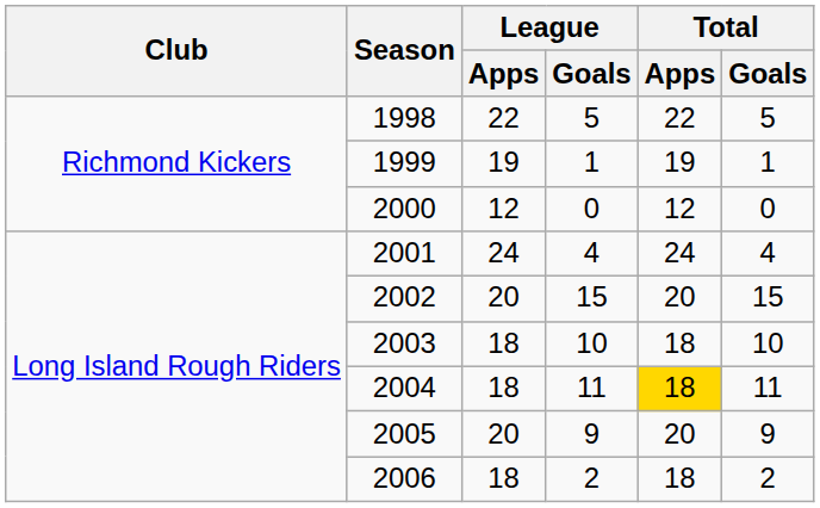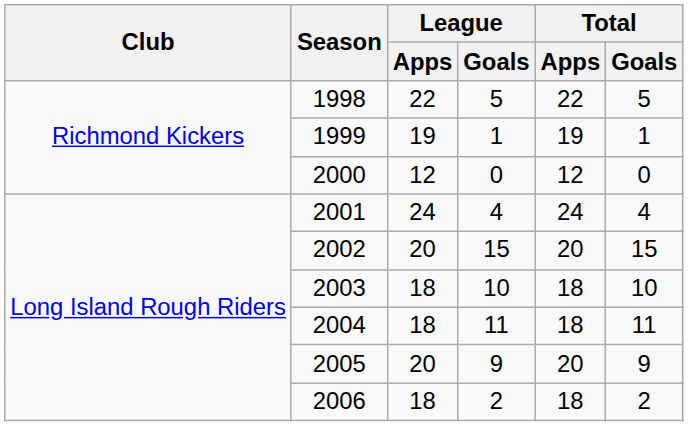 <table class="wikitable" style="text-align:center;">
 <tr>
 <th rowspan="2">Club</th>
 <th rowspan="2">Season</th>
 <th colspan="2">League</th>
 <th colspan="2">Total</th>
 </tr>
 <tr>
 <th>Apps</th>
 <th>Goals</th>
 <th>Apps</th>
 <th>Goals</th>
 </tr>
 <tr>
 <td rowspan="3"><a href='#'>Richmond Kickers</a></td>
 <td>1998</td>
 <td>22</td>
 <td>5</td>
 <td>22</td>
 <td>5</td>
 </tr>
 <tr>
 <td>1999</td>
 <td>19</td>
 <td>1</td>
 <td>19</td>
 <td>1</td>
 </tr>
 <tr>
 <td>2000</td>
 <td>12</td>
 <td>0</td>
 <td>12</td>
 <td>0</td>
 </tr>
 <tr>
 <td rowspan="6"><a href='#'>Long Island Rough Riders</a></td>
 <td>2001</td>
 <td>24</td>
 <td>4</td>
 <td>24</td>
 <td>4</td>
 </tr>
 <tr>
 <td>2002</td>
 <td>20</td>
 <td>15</td>
 <td>20</td>
 <td>15</td>
 </tr>
 <tr>
 <td>2003</td>
 <td>18</td>
 <td>10</td>
 <td>18</td>
 <td>10</td>
 </tr>
 <tr>
 <td>2004</td>
 <td>18</td>
 <td>11</td>
-<td style="background: gold;">18</td>
+<td>18</td>
 <td>11</td>
 </tr>
 <tr>
 <td>2005</td>
 <td>20</td>
 <td>9</td>
 <td>20</td>
 <td>9</td>
 </tr>
 <tr>
 <td>2006</td>
 <td>18</td>
 <td>2</td>
 <td>18</td>
 <td>2</td>
 </tr>
 </table>
